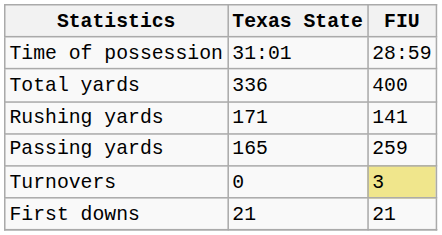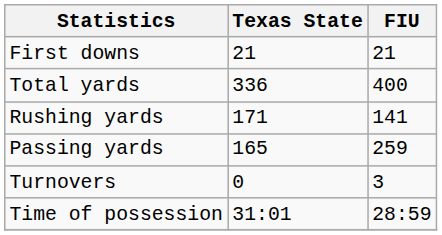 <table class="wikitable">
 <tr>
 <th>Statistics</th>
 <th>Texas State</th>
 <th>FIU</th>
 </tr>
 <tr>
-<td>Time of possession</td>
-<td>31:01</td>
-<td>28:59</td>
+<td>First downs</td>
+<td>21</td>
+<td>21</td>
 </tr>
 <tr>
 <td>Total yards</td>
 <td>336</td>
 <td>400</td>
 </tr>
 <tr>
 <td>Rushing yards</td>
 <td>171</td>
 <td>141</td>
 </tr>
 <tr>
 <td>Passing yards</td>
 <td>165</td>
 <td>259</td>
 </tr>
 <tr>
 <td>Turnovers</td>
 <td>0</td>
-<td style="background: khaki;">3</td>
+<td>3</td>
 </tr>
 <tr>
-<td>First downs</td>
-<td>21</td>
-<td>21</td>
+<td>Time of possession</td>
+<td>31:01</td>
+<td>28:59</td>
 </tr>
 <tr>
 </tr>
 </table>
